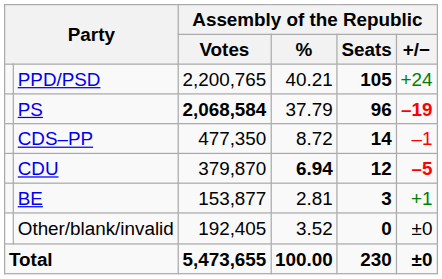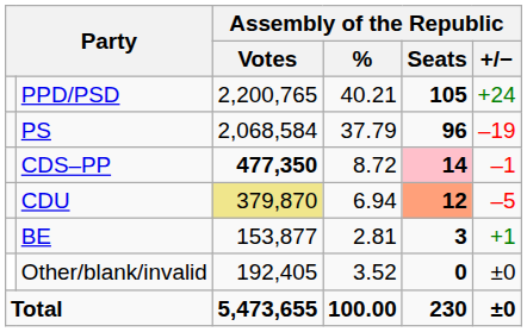 <table class="wikitable" style="text-align:right; font-size:95%;">
 <tr>
 <th colspan="2" rowspan="2">Party</th>
 <th colspan="4">Assembly of the Republic</th>
 </tr>
 <tr>
 <th>Votes</th>
 <th>%</th>
 <th>Seats</th>
 <th>+/−</th>
 </tr>
 <tr>
 <td style="background:"></td>
 <td align="left"><a href='#'>PPD/PSD</a></td>
 <td>2,200,765</td>
 <td>40.21</td>
 <td><strong>105</strong></td>
 <td style="color:green;">+24</td>
 </tr>
 <tr>
 <td style="background:"></td>
 <td align="left"><a href='#'>PS</a></td>
-<td><strong>2,068,584</strong></td>
+<td>2,068,584</td>
 <td>37.79</td>
 <td><strong>96</strong></td>
-<td style="color:red;"><strong>–19</strong></td>
+<td style="color:red;">–19</td>
 </tr>
 <tr>
 <td style="background:"></td>
 <td align="left"><a href='#'>CDS–PP</a></td>
-<td>477,350</td>
+<td><strong>477,350</strong></td>
 <td>8.72</td>
-<td><strong>14</strong></td>
+<td style="background: pink;"><strong>14</strong></td>
 <td style="color:red;">–1</td>
 </tr>
 <tr>
 <td style="background:"></td>
 <td align="left"><a href='#'>CDU</a></td>
-<td>379,870</td>
-<td><strong>6.94</strong></td>
-<td><strong>12</strong></td>
-<td style="color:red;"><strong>–5</strong></td>
+<td style="background: khaki;">379,870</td>
+<td>6.94</td>
+<td style="background: lightsalmon;"><strong>12</strong></td>
+<td style="color:red;">–5</td>
 </tr>
 <tr>
 <td style="background:"></td>
 <td align="left"><a href='#'>BE</a></td>
 <td>153,877</td>
 <td>2.81</td>
 <td><strong>3</strong></td>
 <td style="color:green;">+1</td>
 </tr>
 <tr>
 <td style="background:white;"></td>
 <td align="left">Other/blank/invalid</td>
 <td>192,405</td>
 <td>3.52</td>
 <td><strong>0</strong></td>
 <td>±0</td>
 </tr>
 <tr style="font-weight:bold">
 <td colspan="2" align="left">Total</td>
 <td>5,473,655</td>
 <td>100.00</td>
 <td>230</td>
 <td>±0</td>
 </tr>
 </table>
